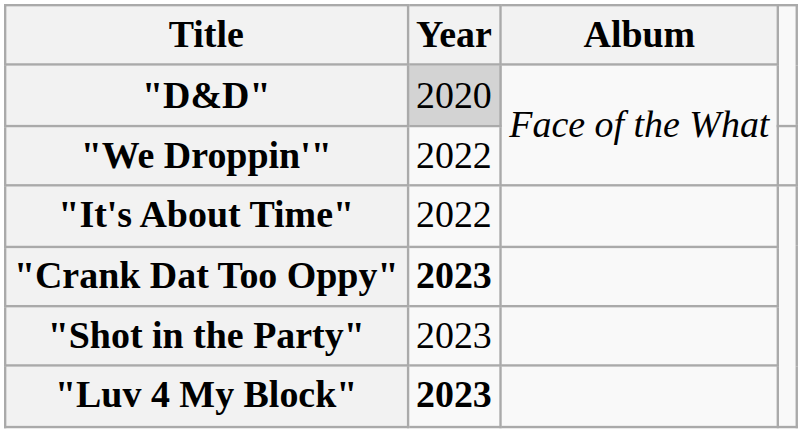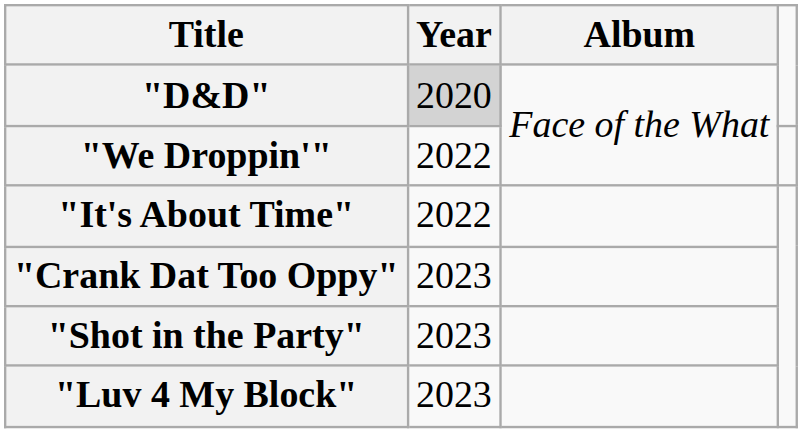 <table class="wikitable plainrowheaders" style="text-align:center;">
 <tr>
 <th scope="col">Title</th>
 <th scope="col">Year</th>
 <th scope="col">Album</th>
 </tr>
 <tr>
 <th scope="row">"D&D"</th>
 <td style="background: lightgrey;">2020</td>
 <td rowspan="2"><em>Face of the What</em></td>
 </tr>
 <tr>
 <th scope="row">"We Droppin'" </th>
 <td>2022</td>
 <td></td>
 </tr>
 <tr>
 <th scope="row">"It's About Time"</th>
 <td>2022</td>
 <td></td>
 </tr>
 <tr>
 <th scope="row">"Crank Dat Too Oppy"</th>
-<td><strong>2023</strong></td>
+<td>2023</td>
 <td></td>
 </tr>
 <tr>
 <th scope="row">"Shot in the Party"</th>
 <td>2023</td>
 <td></td>
 </tr>
 <tr>
 <th scope="row">"Luv 4 My Block"</th>
-<td><strong>2023</strong></td>
+<td>2023</td>
 <td></td>
 </tr>
 </table>
